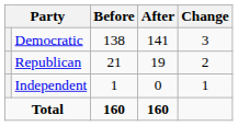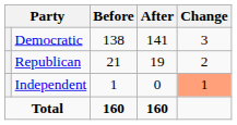 <table class="wikitable" style="text-align:center;">
 <tr>
 <th colspan="2">Party</th>
 <th>Before</th>
 <th>After</th>
 <th>Change</th>
 </tr>
 <tr>
 <th style="background-color:"></th>
 <td style="text-align:left;"><a href='#'>Democratic</a></td>
 <td>138</td>
 <td>141</td>
 <td> 3</td>
 </tr>
 <tr>
 <th style="background-color:"></th>
 <td style="text-align:left;"><a href='#'>Republican</a></td>
 <td>21</td>
 <td>19</td>
 <td> 2</td>
 </tr>
 <tr>
 <th style="background-color:"></th>
 <td style="text-align:left;"><a href='#'>Independent</a></td>
 <td>1</td>
 <td>0</td>
-<td> 1</td>
+<td style="background: lightsalmon;"> 1</td>
 </tr>
 <tr>
 <td colspan="2"><strong>Total</strong></td>
 <td><strong>160</strong></td>
 <td><strong>160</strong></td>
 <td></td>
 </tr>
 </table>
